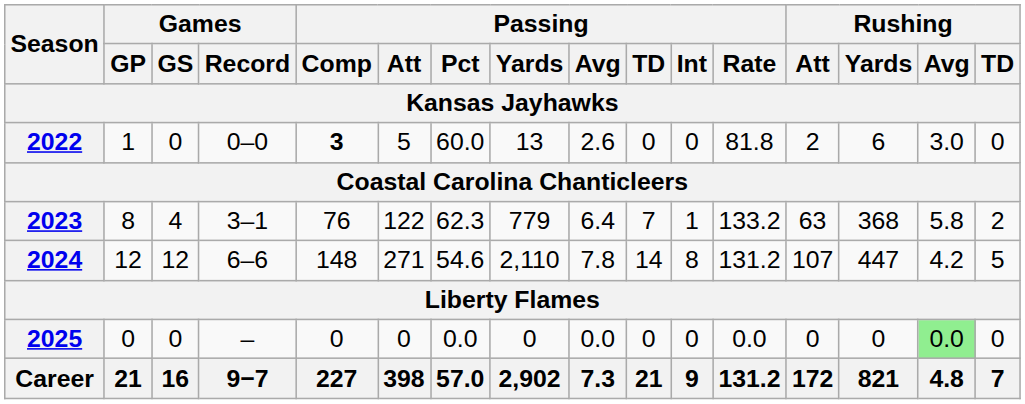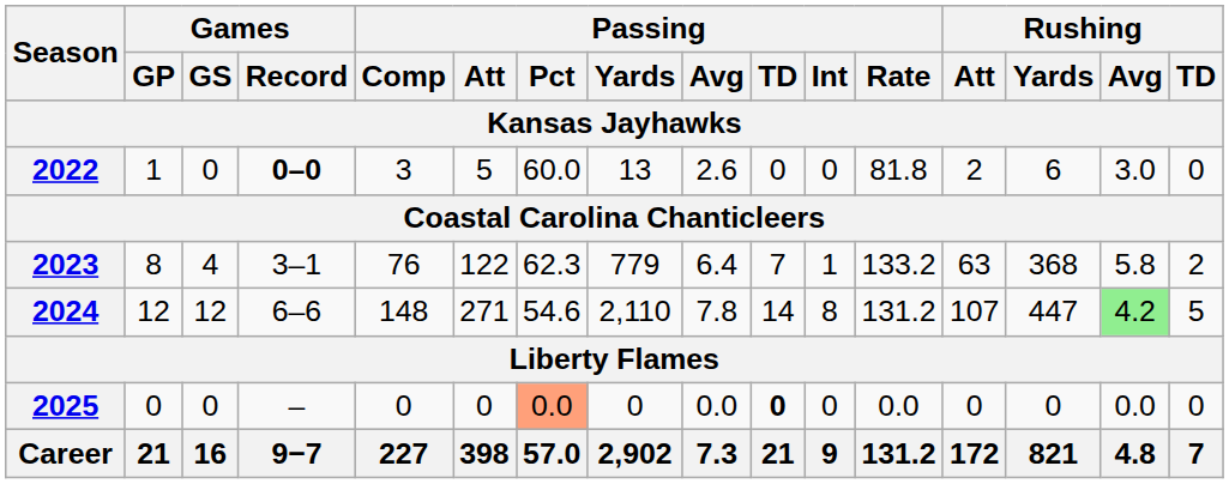 <table class="wikitable" style="text-align:center;">
 <tr>
 <th rowspan="2">Season</th>
 <th colspan="3">Games</th>
 <th colspan="8">Passing</th>
 <th colspan="5">Rushing</th>
 </tr>
 <tr>
 <th>GP</th>
 <th>GS</th>
 <th>Record</th>
 <th>Comp</th>
 <th>Att</th>
 <th>Pct</th>
 <th>Yards</th>
 <th>Avg</th>
 <th>TD</th>
 <th>Int</th>
 <th>Rate</th>
 <th>Att</th>
 <th>Yards</th>
 <th>Avg</th>
 <th>TD</th>
 </tr>
 <tr>
 <th colspan="16">Kansas Jayhawks</th>
 </tr>
 <tr>
 <th><a href='#'>2022</a></th>
 <td>1</td>
 <td>0</td>
-<td>0–0</td>
-<td><strong>3</strong></td>
+<td><strong>0–0</strong></td>
+<td>3</td>
 <td>5</td>
 <td>60.0</td>
 <td>13</td>
 <td>2.6</td>
 <td>0</td>
 <td>0</td>
 <td>81.8</td>
 <td>2</td>
 <td>6</td>
 <td>3.0</td>
 <td>0</td>
 </tr>
 <tr>
 <th colspan="16">Coastal Carolina Chanticleers</th>
 </tr>
 <tr>
 <th><a href='#'>2023</a></th>
 <td>8</td>
 <td>4</td>
 <td>3–1</td>
 <td>76</td>
 <td>122</td>
 <td>62.3</td>
 <td>779</td>
 <td>6.4</td>
 <td>7</td>
 <td>1</td>
 <td>133.2</td>
 <td>63</td>
 <td>368</td>
 <td>5.8</td>
 <td>2</td>
 </tr>
 <tr>
 <th><a href='#'>2024</a></th>
 <td>12</td>
 <td>12</td>
 <td>6–6</td>
 <td>148</td>
 <td>271</td>
 <td>54.6</td>
 <td>2,110</td>
 <td>7.8</td>
 <td>14</td>
 <td>8</td>
 <td>131.2</td>
 <td>107</td>
 <td>447</td>
-<td>4.2</td>
+<td style="background: lightgreen;">4.2</td>
 <td>5</td>
 </tr>
 <tr>
 <th colspan="16">Liberty Flames</th>
 </tr>
 <tr>
 <th><a href='#'>2025</a></th>
 <td>0</td>
 <td>0</td>
 <td>–</td>
 <td>0</td>
 <td>0</td>
+<td style="background: lightsalmon;">0.0</td>
+<td>0</td>
 <td>0.0</td>
+<td><strong>0</strong></td>
 <td>0</td>
 <td>0.0</td>
 <td>0</td>
 <td>0</td>
 <td>0.0</td>
-<td>0</td>
-<td>0</td>
-<td style="background: lightgreen;">0.0</td>
 <td>0</td>
 </tr>
 <tr>
 <th>Career</th>
 <th>21</th>
 <th>16</th>
 <th>9−7</th>
 <th>227</th>
 <th>398</th>
 <th>57.0</th>
 <th>2,902</th>
 <th>7.3</th>
 <th>21</th>
 <th>9</th>
 <th>131.2</th>
 <th>172</th>
 <th>821</th>
 <th>4.8</th>
 <th>7</th>
 </tr>
 </table>
